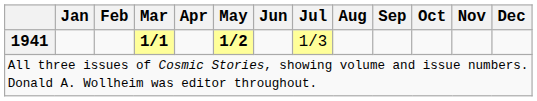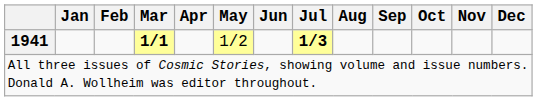 <table class="wikitable" style="font-size: 10pt; line-height: 11pt; margin-right: 2em; text-align: center; float: left">
 <tr>
 <th></th>
 <th>Jan</th>
 <th>Feb</th>
 <th>Mar</th>
 <th>Apr</th>
 <th>May</th>
 <th>Jun</th>
 <th>Jul</th>
 <th>Aug</th>
 <th>Sep</th>
 <th>Oct</th>
 <th>Nov</th>
 <th>Dec</th>
 </tr>
 <tr>
 <th>1941</th>
 <td></td>
 <td></td>
 <td style="background-color:#ffff99"><strong>1/1</strong></td>
 <td></td>
-<td style="background-color:#ffff99"><strong>1/2</strong></td>
+<td style="background-color:#ffff99">1/2</td>
 <td></td>
-<td style="background-color:#ffff99">1/3</td>
+<td style="background-color:#ffff99"><strong>1/3</strong></td>
 <td></td>
 <td></td>
 <td></td>
 <td></td>
 <td></td>
 </tr>
 <tr>
 <td colspan="13" style="font-size: 8pt; text-align:left">All three issues of <em>Cosmic Stories</em>, showing volume and issue numbers.<br>Donald A. Wollheim was editor throughout.</td>
 </tr>
 </table>
